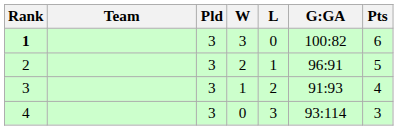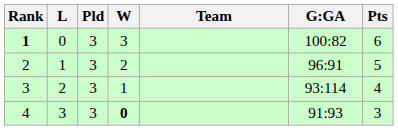 <table class="wikitable" style="text-align:center;">
 <tr>
 <th width=25>Rank</th>
-<th width=150>Team</th>
+<th width=25>L</th>
 <th width=25>Pld</th>
 <th width=25>W</th>
-<th width=25>L</th>
+<th width=150>Team</th>
 <th width=70>G:GA</th>
 <th width=25>Pts</th>
 </tr>
 <tr bgcolor="#ccffcc">
 <td><strong>1</strong></td>
-<td align="left"></td>
+<td>0</td>
 <td>3</td>
 <td>3</td>
-<td>0</td>
+<td align="left"></td>
 <td>100:82</td>
 <td>6</td>
 </tr>
 <tr bgcolor="#ccffcc">
 <td>2</td>
-<td align="left"></td>
+<td>1</td>
 <td>3</td>
 <td>2</td>
-<td>1</td>
+<td align="left"></td>
 <td>96:91</td>
 <td>5</td>
 </tr>
 <tr bgcolor="#ccffcc">
 <td>3</td>
-<td align="left"></td>
+<td>2</td>
 <td>3</td>
 <td>1</td>
-<td>2</td>
-<td>91:93</td>
+<td align="left"></td>
+<td>93:114</td>
 <td>4</td>
 </tr>
 <tr bgcolor="#ccffcc">
 <td>4</td>
+<td>3</td>
+<td>3</td>
+<td><strong>0</strong></td>
 <td align="left"></td>
-<td>3</td>
-<td>0</td>
-<td>3</td>
-<td>93:114</td>
+<td>91:93</td>
 <td>3</td>
 </tr>
 </table>
